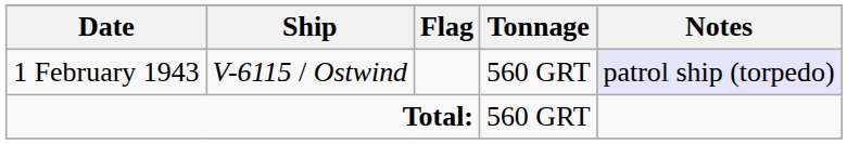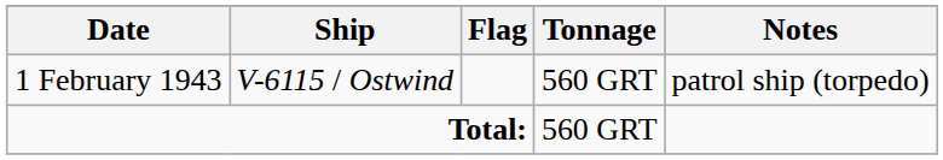 <table class="wikitable" style="margin:1em auto;">
 <tr>
 </tr>
 <tr>
 <th>Date</th>
 <th>Ship</th>
 <th>Flag</th>
 <th>Tonnage</th>
 <th>Notes</th>
 </tr>
 <tr>
 <td>1 February 1943</td>
 <td><em>V-6115</em> / <em>Ostwind</em></td>
 <td></td>
 <td>560 GRT</td>
-<td style="background: lavender;">patrol ship (torpedo)</td>
+<td>patrol ship (torpedo)</td>
 </tr>
 <tr>
 <td colspan="3" style="text-align:right;"><strong>Total:</strong></td>
 <td>560 GRT</td>
 <td></td>
 </tr>
 </table>
